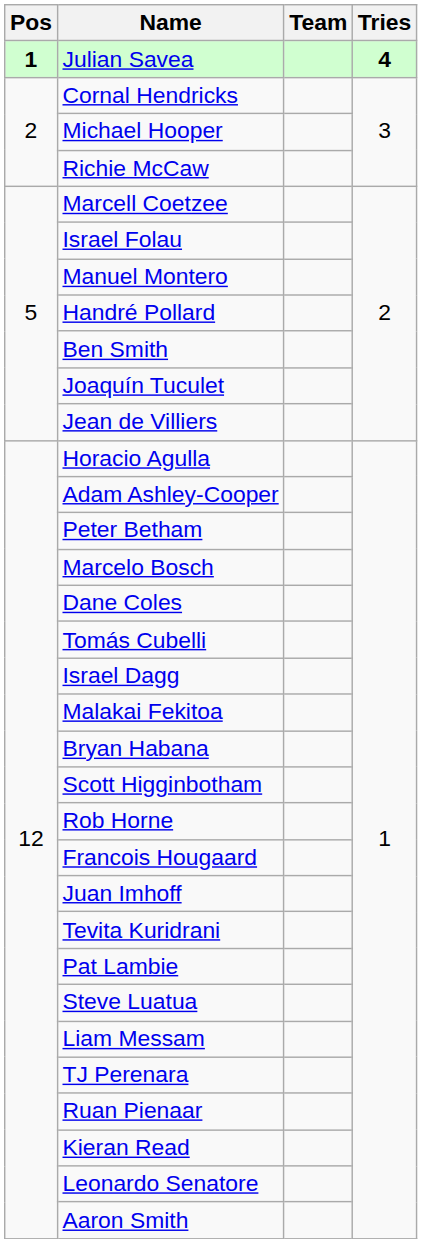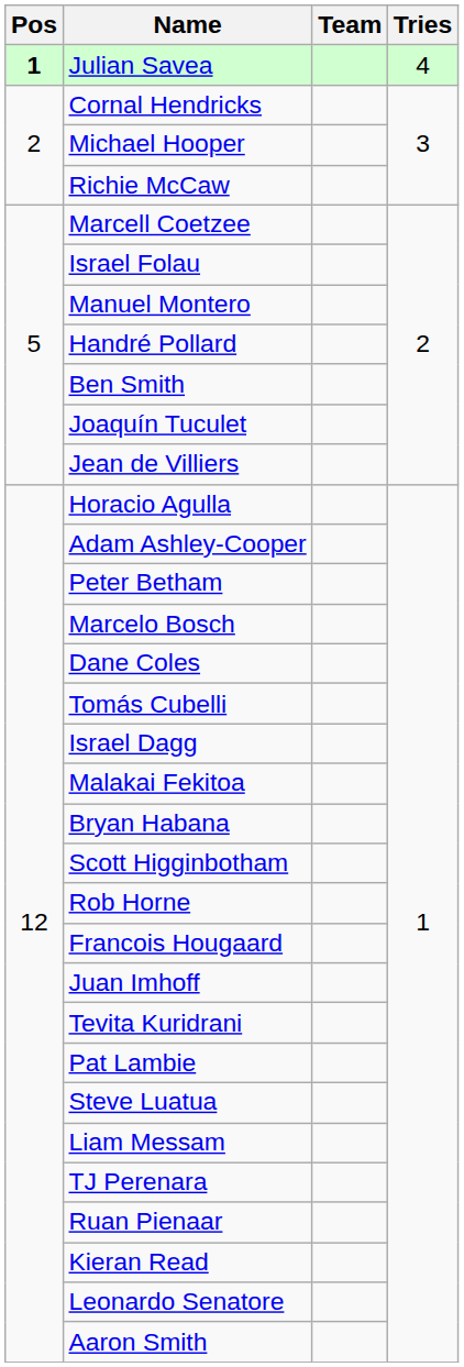 <table class="wikitable" style="text-align:center">
 <tr>
 <th>Pos</th>
 <th>Name</th>
 <th>Team</th>
 <th>Tries</th>
 </tr>
 <tr style="background:#d0ffd0">
 <td><strong>1</strong></td>
 <td align="left"><a href='#'>Julian Savea</a></td>
 <td align="left"></td>
-<td><strong>4</strong></td>
+<td>4</td>
 </tr>
 <tr>
 <td rowspan=3>2</td>
 <td align="left"><a href='#'>Cornal Hendricks</a></td>
 <td align="left"></td>
 <td rowspan=3>3</td>
 </tr>
 <tr>
 <td align="left"><a href='#'>Michael Hooper</a></td>
 <td align="left"></td>
 </tr>
 <tr>
 <td align="left"><a href='#'>Richie McCaw</a></td>
 <td align="left"></td>
 </tr>
 <tr>
 <td rowspan=7>5</td>
 <td align="left"><a href='#'>Marcell Coetzee</a></td>
 <td align="left"></td>
 <td rowspan=7>2</td>
 </tr>
 <tr>
 <td align="left"><a href='#'>Israel Folau</a></td>
 <td align="left"></td>
 </tr>
 <tr>
 <td align="left"><a href='#'>Manuel Montero</a></td>
 <td align="left"></td>
 </tr>
 <tr>
 <td align="left"><a href='#'>Handré Pollard</a></td>
 <td align="left"></td>
 </tr>
 <tr>
 <td align="left"><a href='#'>Ben Smith</a></td>
 <td align="left"></td>
 </tr>
 <tr>
 <td align="left"><a href='#'>Joaquín Tuculet</a></td>
 <td align="left"></td>
 </tr>
 <tr>
 <td align="left"><a href='#'>Jean de Villiers</a></td>
 <td align="left"></td>
 </tr>
 <tr>
 <td rowspan=23>12</td>
 <td align="left"><a href='#'>Horacio Agulla</a></td>
 <td align="left"></td>
 <td rowspan=23>1</td>
 </tr>
 <tr>
 <td align="left"><a href='#'>Adam Ashley-Cooper</a></td>
 <td align="left"></td>
 </tr>
 <tr>
 <td align="left"><a href='#'>Peter Betham</a></td>
 <td align="left"></td>
 </tr>
 <tr>
 <td align="left"><a href='#'>Marcelo Bosch</a></td>
 <td align="left"></td>
 </tr>
 <tr>
 <td align="left"><a href='#'>Dane Coles</a></td>
 <td align="left"></td>
 </tr>
 <tr>
 <td align="left"><a href='#'>Tomás Cubelli</a></td>
 <td align="left"></td>
 </tr>
 <tr>
 <td align="left"><a href='#'>Israel Dagg</a></td>
 <td align="left"></td>
 </tr>
 <tr>
 <td align="left"><a href='#'>Malakai Fekitoa</a></td>
 <td align="left"></td>
 </tr>
 <tr>
 <td align="left"><a href='#'>Bryan Habana</a></td>
 <td align="left"></td>
 </tr>
 <tr>
 <td align="left"><a href='#'>Scott Higginbotham</a></td>
 <td align="left"></td>
 </tr>
 <tr>
 <td align="left"><a href='#'>Rob Horne</a></td>
 <td align="left"></td>
 </tr>
 <tr>
 <td align="left"><a href='#'>Francois Hougaard</a></td>
 <td align="left"></td>
 </tr>
 <tr>
 <td align="left"><a href='#'>Juan Imhoff</a></td>
 <td align="left"></td>
 </tr>
 <tr>
 <td align="left"><a href='#'>Tevita Kuridrani</a></td>
 <td align="left"></td>
 </tr>
 <tr>
 <td align="left"><a href='#'>Pat Lambie</a></td>
 <td align="left"></td>
 </tr>
 <tr>
 <td align="left"><a href='#'>Steve Luatua</a></td>
 <td align="left"></td>
 </tr>
 <tr>
 <td align="left"><a href='#'>Liam Messam</a></td>
 <td align="left"></td>
 </tr>
 <tr>
 <td align="left"><a href='#'>TJ Perenara</a></td>
 <td align="left"></td>
 </tr>
 <tr>
 <td align="left"><a href='#'>Ruan Pienaar</a></td>
 <td align="left"></td>
 </tr>
 <tr>
 <td align="left"><a href='#'>Kieran Read</a></td>
 <td align="left"></td>
 </tr>
 <tr>
 <td align="left"><a href='#'>Leonardo Senatore</a></td>
 <td align="left"></td>
 </tr>
 <tr>
 <td align="left"><a href='#'>Aaron Smith</a></td>
 <td align="left"></td>
 </tr>
 </table>
